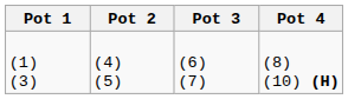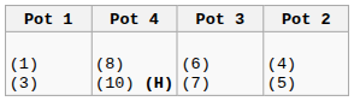 <table class="wikitable">
 <tr>
 <th width=25%>Pot 1</th>
+<th width=25%>Pot 4</th>
+<th width=25%>Pot 3</th>
 <th width=25%>Pot 2</th>
-<th width=25%>Pot 3</th>
-<th width=25%>Pot 4</th>
 </tr>
 <tr>
 <td><br> (1) <br>  (3)</td>
+<td><br> (8) <br>  (10) <strong>(H)</strong></td>
+<td><br> (6) <br>  (7)</td>
 <td><br> (4) <br>  (5)</td>
-<td><br> (6) <br>  (7)</td>
-<td><br> (8) <br>  (10) <strong>(H)</strong></td>
 </tr>
 </table>
